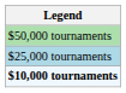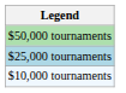 <table class="wikitable" style="font-size:85%">
 <tr>
 <th>Legend</th>
 </tr>
 <tr bgcolor="#addfad">
 <td>$50,000 tournaments</td>
 </tr>
 <tr style="background:lightblue;">
 <td>$25,000 tournaments</td>
 </tr>
 <tr style="background:#f0f8ff;">
-<td><strong>$10,000 tournaments</strong></td>
+<td>$10,000 tournaments</td>
 </tr>
 </table>
